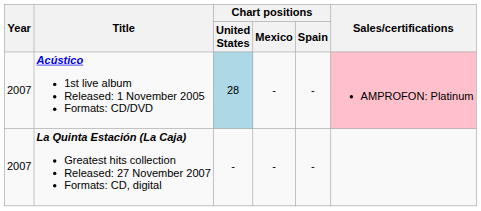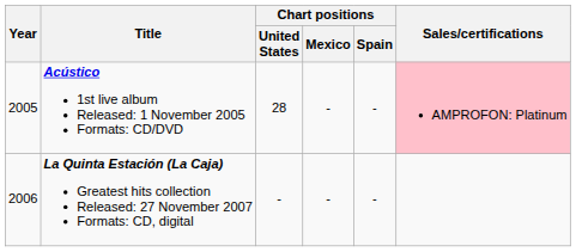 <table class="wikitable">
 <tr>
 <th rowspan="2">Year</th>
 <th rowspan="2">Title</th>
 <th colspan="3">Chart positions</th>
 <th rowspan="2">Sales/certifications</th>
 </tr>
 <tr>
 <th width="20">United States</th>
 <th width="20">Mexico</th>
 <th width="20">Spain</th>
 </tr>
 <tr>
-<td>2007</td>
+<td>2005</td>
 <td><strong><em><a href='#'>Acústico</a></em></strong><br><ul><li>1st live album</li><li>Released: 1 November 2005</li><li>Formats: CD/DVD</li></ul></td>
-<td align="center" style="background: lightblue;">28</td>
+<td align="center">28</td>
 <td align="center">-</td>
 <td align="center">-</td>
 <td style="background: pink;"><br><ul><li>AMPROFON: Platinum</li></ul></td>
 </tr>
 <tr>
-<td>2007</td>
+<td>2006</td>
 <td><strong><em>La Quinta Estación (La Caja)</em></strong><br><ul><li>Greatest hits collection</li><li>Released: 27 November 2007</li><li>Formats: CD, digital</li></ul></td>
 <td align="center">-</td>
 <td align="center">-</td>
 <td align="center">-</td>
 <td></td>
 </tr>
 </table>
